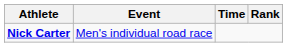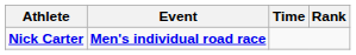 <table class=wikitable style="font-size:90%;">
 <tr>
 <th>Athlete</th>
 <th>Event</th>
 <th>Time</th>
 <th>Rank</th>
 </tr>
 <tr align=center>
 <td align=left><strong><a href='#'>Nick Carter</a></strong></td>
-<td><a href='#'>Men's individual road race</a></td>
+<td><strong><a href='#'>Men's individual road race</a></strong></td>
 <td colspan=2></td>
 </tr>
 </table>
